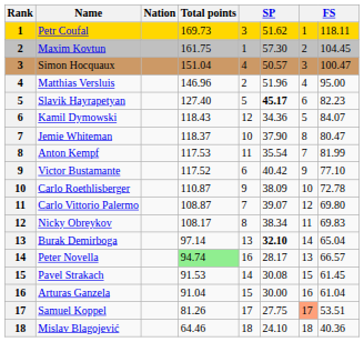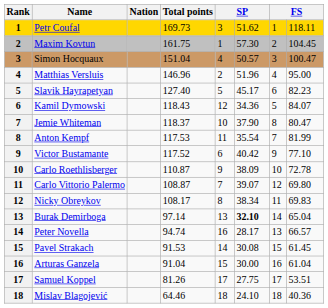 <table class="wikitable sortable">
 <tr>
 <th>Rank</th>
 <th>Name</th>
 <th>Nation</th>
 <th>Total points</th>
 <th colspan="2" width="80px"><a href='#'>SP</a></th>
 <th colspan="2" width="80px"><a href='#'>FS</a></th>
 </tr>
 <tr bgcolor="gold">
 <td align="center"><strong>1</strong></td>
 <td><a href='#'>Petr Coufal</a></td>
 <td></td>
 <td>169.73</td>
 <td>3</td>
 <td>51.62</td>
 <td>1</td>
 <td>118.11</td>
 </tr>
 <tr bgcolor="silver">
 <td align="center"><strong>2</strong></td>
 <td><a href='#'>Maxim Kovtun</a></td>
 <td></td>
 <td>161.75</td>
 <td>1</td>
 <td>57.30</td>
 <td>2</td>
 <td>104.45</td>
 </tr>
 <tr bgcolor="cc9966">
 <td align="center"><strong>3</strong></td>
 <td>Simon Hocquaux</td>
 <td></td>
 <td>151.04</td>
 <td>4</td>
 <td>50.57</td>
 <td>3</td>
 <td>100.47</td>
 </tr>
 <tr>
 <th>4</th>
 <td><a href='#'>Matthias Versluis</a></td>
 <td></td>
 <td>146.96</td>
 <td>2</td>
 <td>51.96</td>
 <td>4</td>
 <td>95.00</td>
 </tr>
 <tr>
 <th>5</th>
 <td><a href='#'>Slavik Hayrapetyan</a></td>
 <td></td>
 <td>127.40</td>
 <td>5</td>
-<td><strong>45.17</strong></td>
+<td>45.17</td>
 <td>6</td>
 <td>82.23</td>
 </tr>
 <tr>
 <th>6</th>
 <td><a href='#'>Kamil Dymowski</a></td>
 <td></td>
 <td>118.43</td>
 <td>12</td>
 <td>34.36</td>
 <td>5</td>
 <td>84.07</td>
 </tr>
 <tr>
 <th>7</th>
 <td><a href='#'>Jemie Whiteman</a></td>
 <td></td>
 <td>118.37</td>
 <td>10</td>
 <td>37.90</td>
 <td>8</td>
 <td>80.47</td>
 </tr>
 <tr>
 <th>8</th>
 <td><a href='#'>Anton Kempf</a></td>
 <td></td>
 <td>117.53</td>
 <td>11</td>
 <td>35.54</td>
 <td>7</td>
 <td>81.99</td>
 </tr>
 <tr>
 <th>9</th>
 <td><a href='#'>Victor Bustamante</a></td>
 <td></td>
 <td>117.52</td>
 <td>6</td>
 <td>40.42</td>
 <td>9</td>
 <td>77.10</td>
 </tr>
 <tr>
 <th>10</th>
 <td><a href='#'>Carlo Roethlisberger</a></td>
 <td></td>
 <td>110.87</td>
 <td>9</td>
 <td>38.09</td>
 <td>10</td>
 <td>72.78</td>
 </tr>
 <tr>
 <th>11</th>
 <td><a href='#'>Carlo Vittorio Palermo</a></td>
 <td></td>
 <td>108.87</td>
 <td>7</td>
 <td>39.07</td>
 <td>12</td>
 <td>69.80</td>
 </tr>
 <tr>
 <th>12</th>
 <td><a href='#'>Nicky Obreykov</a></td>
 <td></td>
 <td>108.17</td>
 <td>8</td>
 <td>38.34</td>
 <td>11</td>
 <td>69.83</td>
 </tr>
 <tr>
 <th>13</th>
 <td><a href='#'>Burak Demirboga</a></td>
 <td></td>
 <td>97.14</td>
 <td>13</td>
 <td><strong>32.10</strong></td>
 <td>14</td>
 <td>65.04</td>
 </tr>
 <tr>
 <th>14</th>
 <td><a href='#'>Peter Novella</a></td>
 <td></td>
-<td style="background: lightgreen;">94.74</td>
+<td>94.74</td>
 <td>16</td>
 <td>28.17</td>
 <td>13</td>
 <td>66.57</td>
 </tr>
 <tr>
 <th>15</th>
 <td><a href='#'>Pavel Strakach</a></td>
 <td></td>
 <td>91.53</td>
 <td>14</td>
 <td>30.08</td>
 <td>15</td>
 <td>61.45</td>
 </tr>
 <tr>
 <th>16</th>
 <td><a href='#'>Arturas Ganzela</a></td>
 <td></td>
 <td>91.04</td>
 <td>15</td>
 <td>30.00</td>
 <td>16</td>
 <td>61.04</td>
 </tr>
 <tr>
 <th>17</th>
 <td><a href='#'>Samuel Koppel</a></td>
 <td></td>
 <td>81.26</td>
 <td>17</td>
 <td>27.75</td>
-<td style="background: lightsalmon;">17</td>
+<td>17</td>
 <td>53.51</td>
 </tr>
 <tr>
 <th>18</th>
 <td><a href='#'>Mislav Blagojević</a></td>
 <td></td>
 <td>64.46</td>
 <td>18</td>
 <td>24.10</td>
 <td>18</td>
 <td>40.36</td>
 </tr>
 </table>
